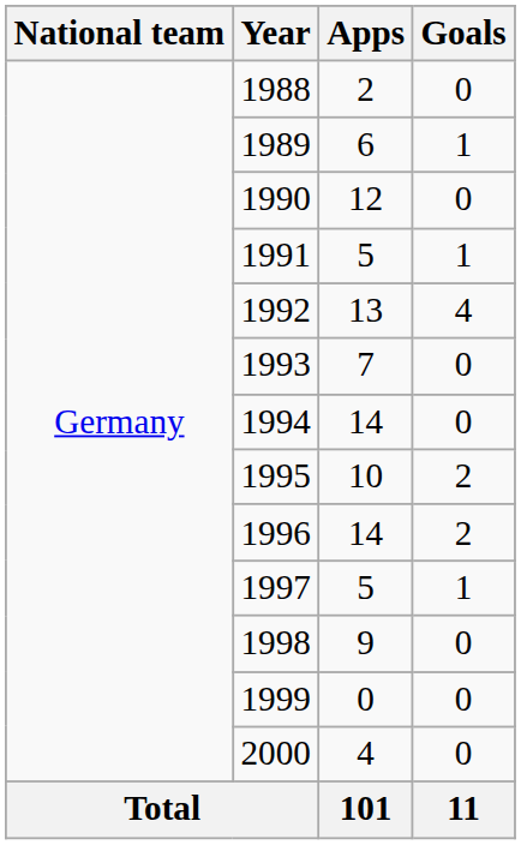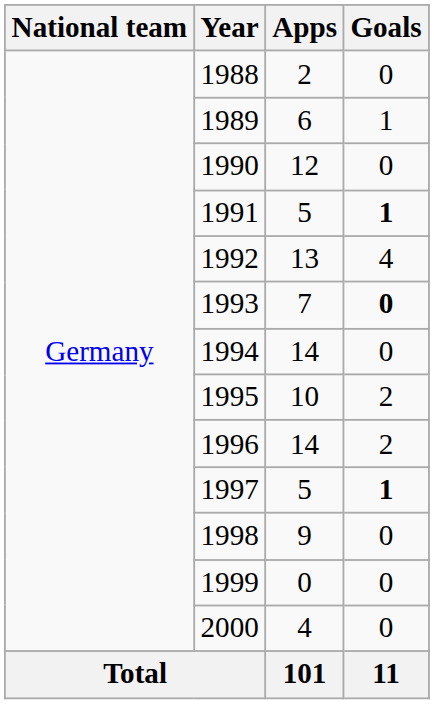 <table class="wikitable" style="text-align:center">
 <tr>
 <th>National team</th>
 <th>Year</th>
 <th>Apps</th>
 <th>Goals</th>
 </tr>
 <tr>
 <td rowspan="13"><a href='#'>Germany</a></td>
 <td>1988</td>
 <td>2</td>
 <td>0</td>
 </tr>
 <tr>
 <td>1989</td>
 <td>6</td>
 <td>1</td>
 </tr>
 <tr>
 <td>1990</td>
 <td>12</td>
 <td>0</td>
 </tr>
 <tr>
 <td>1991</td>
 <td>5</td>
-<td>1</td>
+<td><strong>1</strong></td>
 </tr>
 <tr>
 <td>1992</td>
 <td>13</td>
 <td>4</td>
 </tr>
 <tr>
 <td>1993</td>
 <td>7</td>
-<td>0</td>
+<td><strong>0</strong></td>
 </tr>
 <tr>
 <td>1994</td>
 <td>14</td>
 <td>0</td>
 </tr>
 <tr>
 <td>1995</td>
 <td>10</td>
 <td>2</td>
 </tr>
 <tr>
 <td>1996</td>
 <td>14</td>
 <td>2</td>
 </tr>
 <tr>
 <td>1997</td>
 <td>5</td>
-<td>1</td>
+<td><strong>1</strong></td>
 </tr>
 <tr>
 <td>1998</td>
 <td>9</td>
 <td>0</td>
 </tr>
 <tr>
 <td>1999</td>
 <td>0</td>
 <td>0</td>
 </tr>
 <tr>
 <td>2000</td>
 <td>4</td>
 <td>0</td>
 </tr>
 <tr>
 <th colspan="2">Total</th>
 <th>101</th>
 <th>11</th>
 </tr>
 </table>
